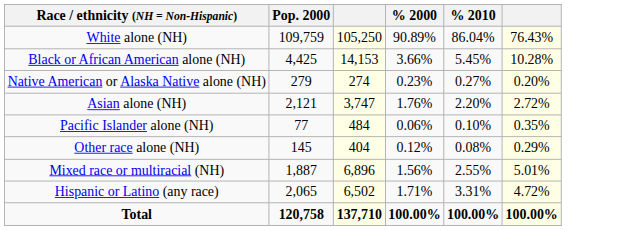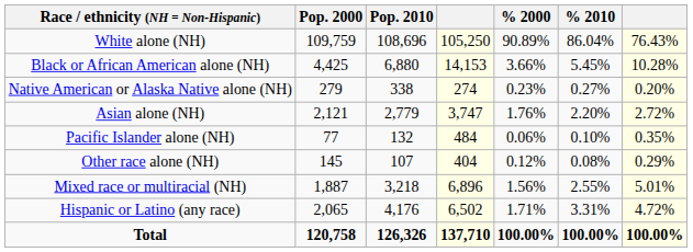 <table class="wikitable" style="text-align:center;">
 <tr>
 <th>Race / ethnicity <small>(<em>NH = Non-Hispanic</em>)</small></th>
 <th>Pop. 2000</th>
+<th>Pop. 2010</th>
 <th></th>
 <th>% 2000</th>
 <th>% 2010</th>
 <th></th>
 </tr>
 <tr>
 <td><a href='#'>White</a> alone (NH)</td>
 <td>109,759</td>
+<td>108,696</td>
 <td style='background: #ffffe6;'>105,250</td>
 <td>90.89%</td>
 <td>86.04%</td>
 <td style='background: #ffffe6;'>76.43%</td>
 </tr>
 <tr>
 <td><a href='#'>Black or African American</a> alone (NH)</td>
 <td>4,425</td>
+<td>6,880</td>
 <td style='background: #ffffe6;'>14,153</td>
 <td>3.66%</td>
 <td>5.45%</td>
 <td style='background: #ffffe6;'>10.28%</td>
 </tr>
 <tr>
 <td><a href='#'>Native American</a> or <a href='#'>Alaska Native</a> alone (NH)</td>
 <td>279</td>
+<td>338</td>
 <td style='background: #ffffe6;'>274</td>
 <td>0.23%</td>
 <td>0.27%</td>
 <td style='background: #ffffe6;'>0.20%</td>
 </tr>
 <tr>
 <td><a href='#'>Asian</a> alone (NH)</td>
 <td>2,121</td>
+<td>2,779</td>
 <td style='background: #ffffe6;'>3,747</td>
 <td>1.76%</td>
 <td>2.20%</td>
 <td style='background: #ffffe6;'>2.72%</td>
 </tr>
 <tr>
 <td><a href='#'>Pacific Islander</a> alone (NH)</td>
 <td>77</td>
+<td>132</td>
 <td style='background: #ffffe6;'>484</td>
 <td>0.06%</td>
 <td>0.10%</td>
 <td style='background: #ffffe6;'>0.35%</td>
 </tr>
 <tr>
 <td><a href='#'>Other race</a> alone (NH)</td>
 <td>145</td>
+<td>107</td>
 <td style='background: #ffffe6;'>404</td>
 <td>0.12%</td>
 <td>0.08%</td>
 <td style='background: #ffffe6;'>0.29%</td>
 </tr>
 <tr>
 <td><a href='#'>Mixed race or multiracial</a> (NH)</td>
 <td>1,887</td>
+<td>3,218</td>
 <td style='background: #ffffe6;'>6,896</td>
 <td>1.56%</td>
 <td>2.55%</td>
 <td style='background: #ffffe6;'>5.01%</td>
 </tr>
 <tr>
 <td><a href='#'>Hispanic or Latino</a> (any race)</td>
 <td>2,065</td>
+<td>4,176</td>
 <td style='background: #ffffe6;'>6,502</td>
 <td>1.71%</td>
 <td>3.31%</td>
 <td style='background: #ffffe6;'>4.72%</td>
 </tr>
 <tr>
 <td><strong>Total</strong></td>
 <td><strong>120,758</strong></td>
+<td><strong>126,326</strong></td>
 <td style='background: #ffffe6;'><strong>137,710</strong></td>
 <td><strong>100.00%</strong></td>
 <td><strong>100.00%</strong></td>
 <td style='background: #ffffe6;'><strong>100.00%</strong></td>
 </tr>
 </table>
